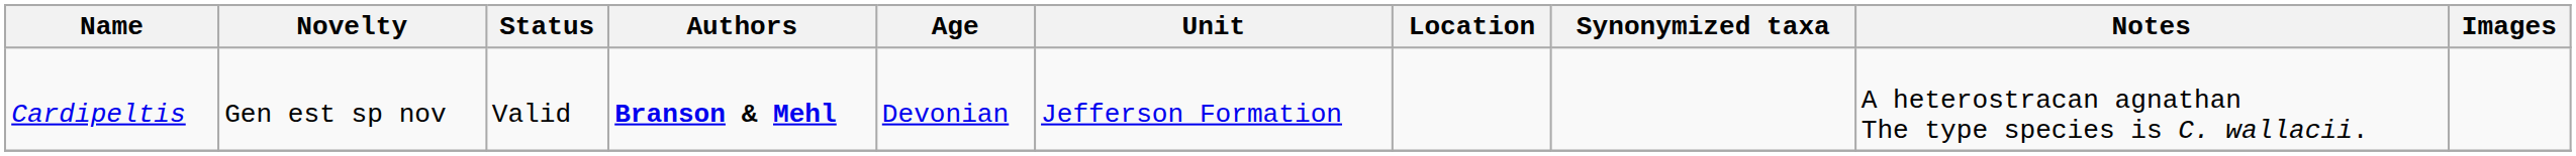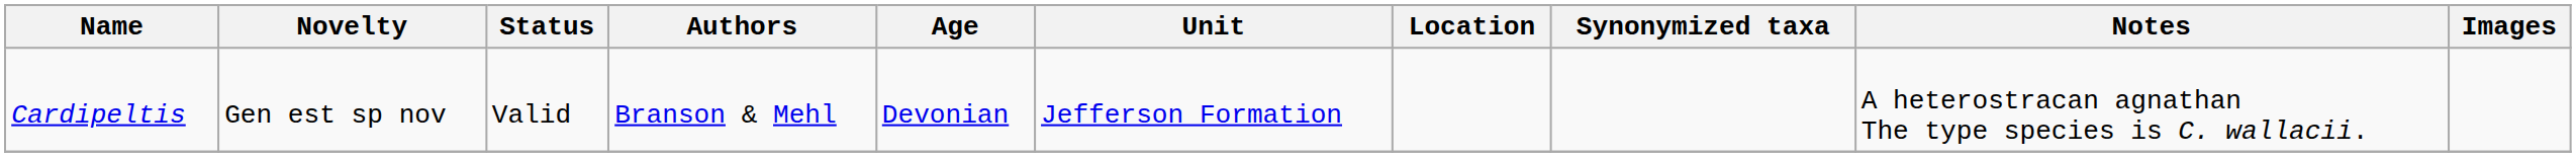 <table class="wikitable sortable" align="center" width="100%">
 <tr>
 <th>Name</th>
 <th>Novelty</th>
 <th>Status</th>
 <th>Authors</th>
 <th>Age</th>
 <th>Unit</th>
 <th>Location</th>
 <th>Synonymized taxa</th>
 <th>Notes</th>
 <th>Images</th>
 </tr>
 <tr>
 <td><br><em><a href='#'>Cardipeltis</a></em></td>
 <td><br>Gen est sp nov</td>
 <td><br>Valid</td>
-<td><strong><br><a href='#'>Branson</a> & <a href='#'>Mehl</a></strong></td>
+<td><br><a href='#'>Branson</a> & <a href='#'>Mehl</a></td>
 <td><br><a href='#'>Devonian</a></td>
 <td><br><a href='#'>Jefferson Formation</a></td>
 <td><br><br></td>
 <td></td>
 <td><br>A heterostracan agnathan<br>The type species is <em>C. wallacii</em>.</td>
 <td><br></td>
 </tr>
 <tr>
 </tr>
 </table>
